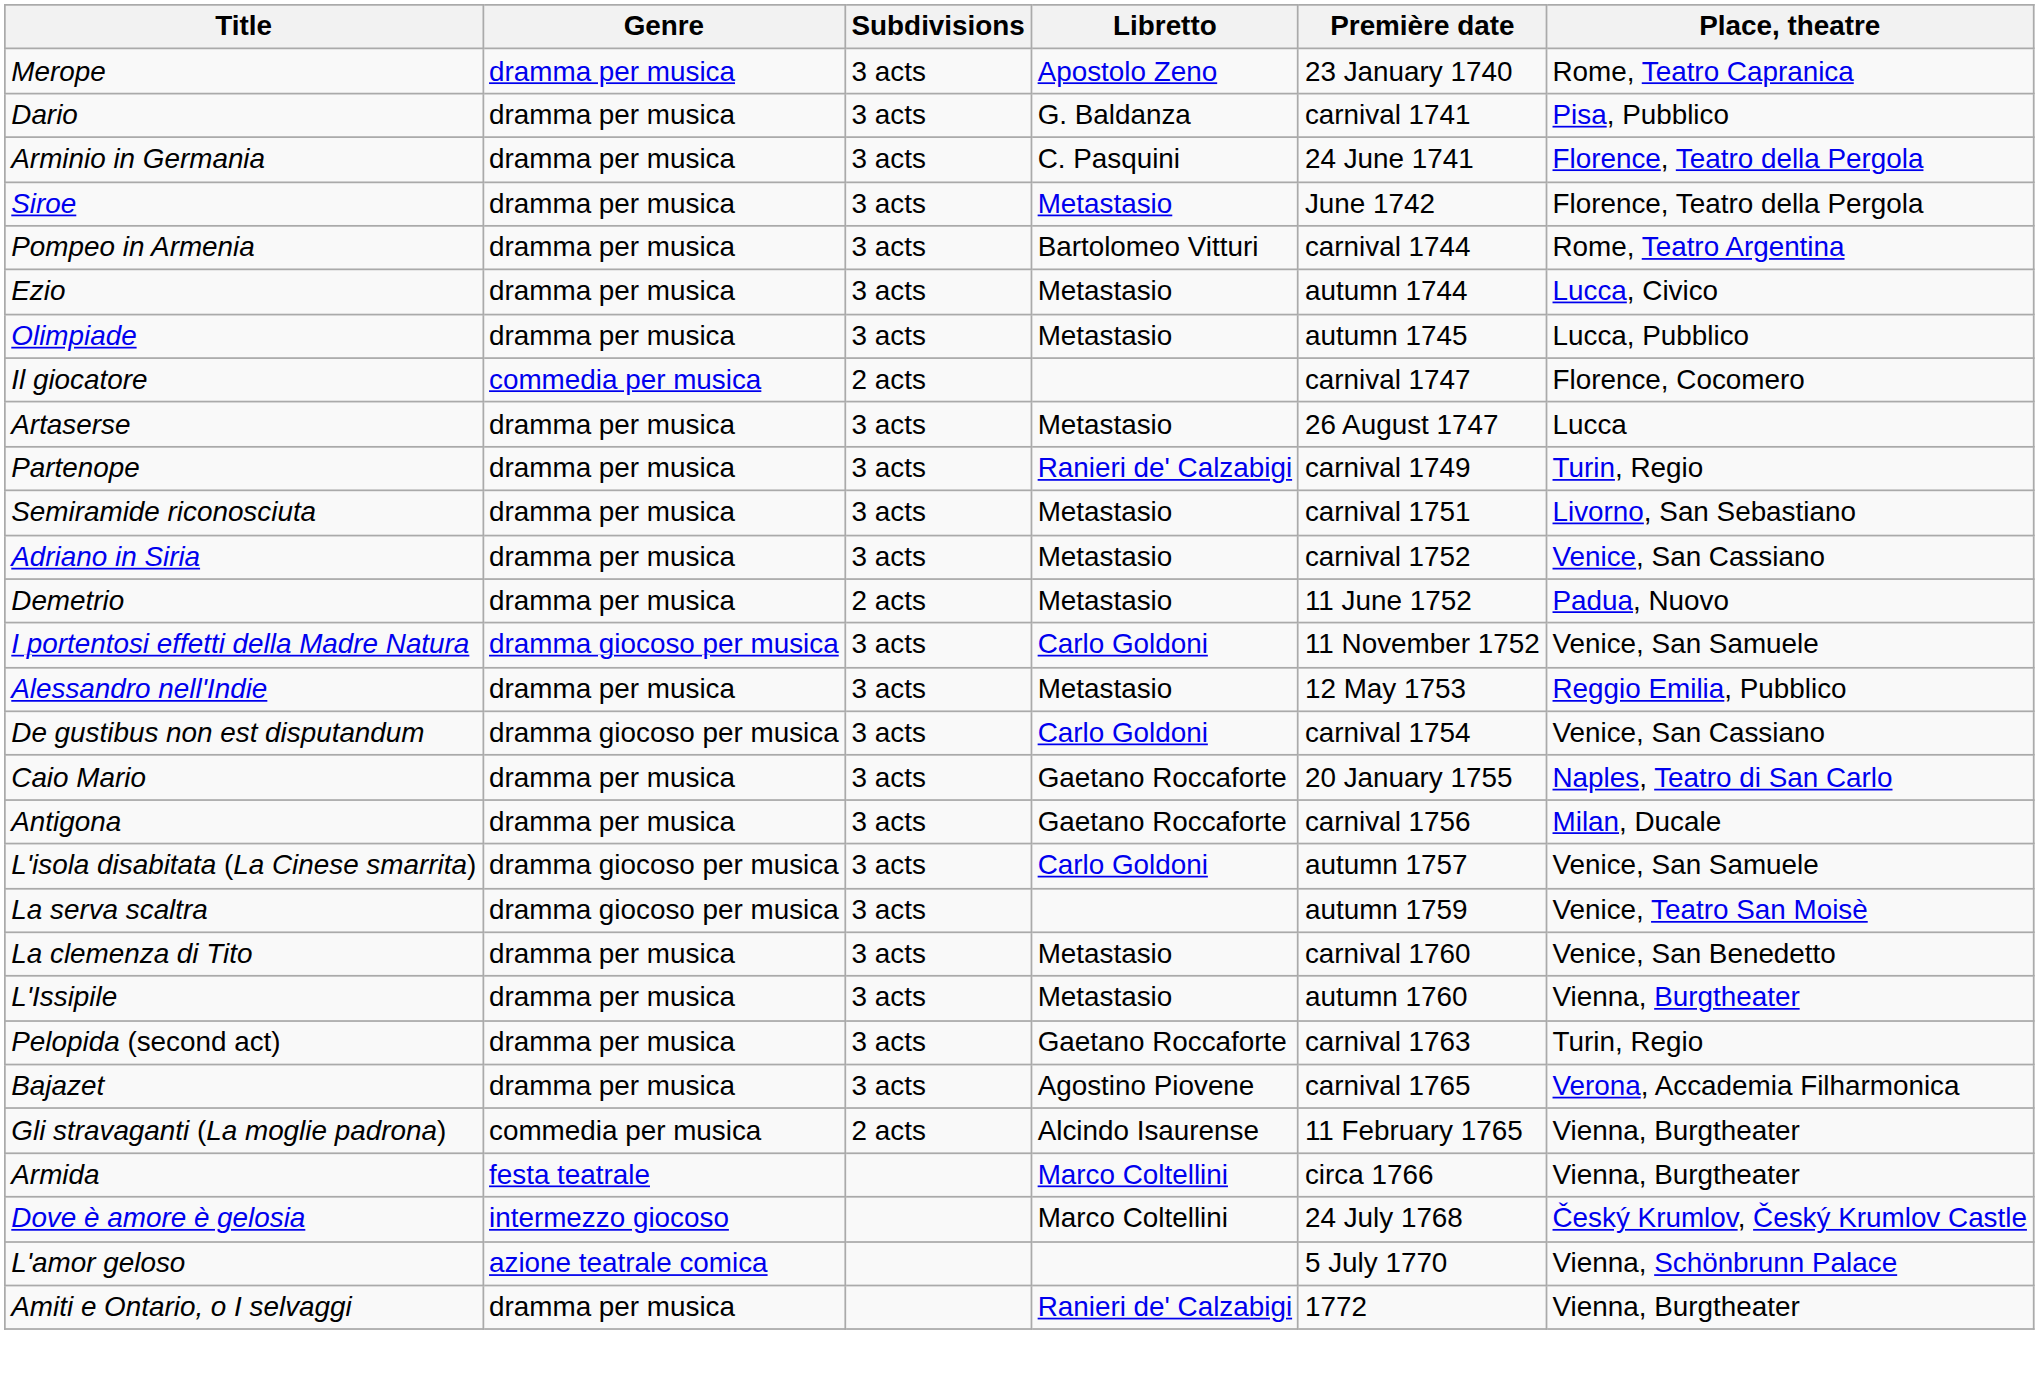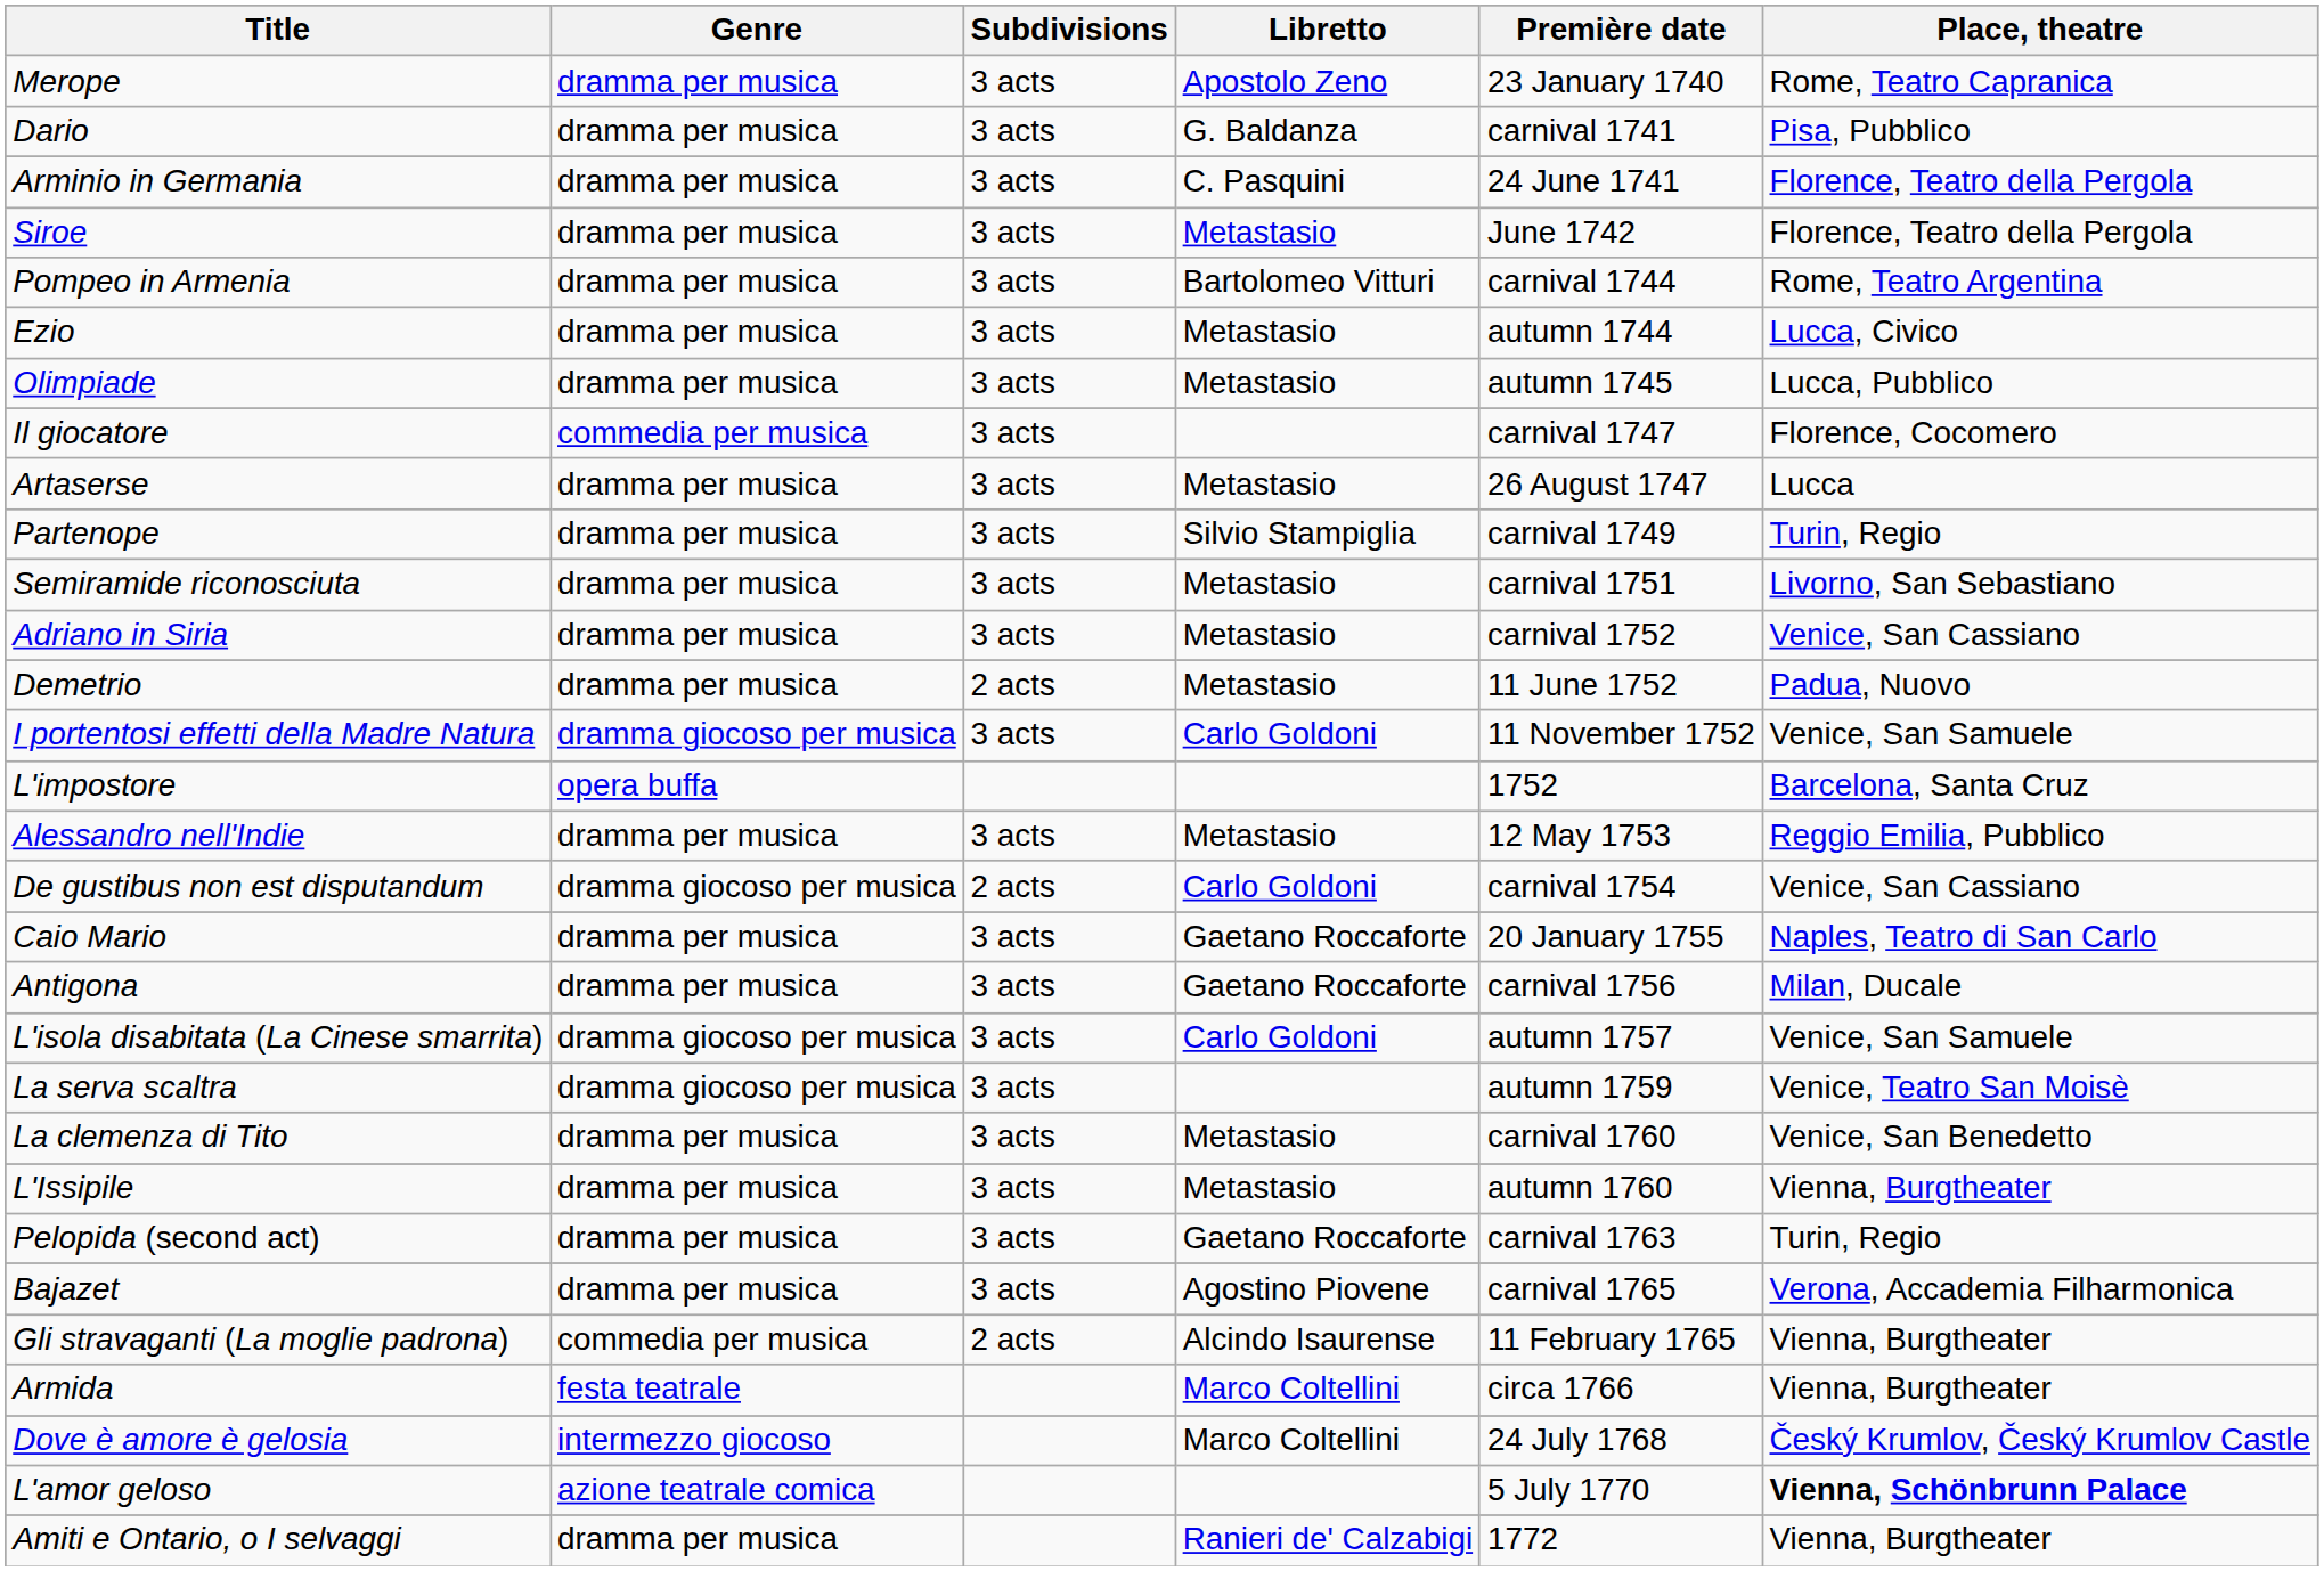 <table class="wikitable sortable">
 <tr>
 <th>Title</th>
 <th>Genre</th>
 <th>Sub­divisions</th>
 <th>Libretto</th>
 <th>Première date</th>
 <th>Place, theatre</th>
 </tr>
 <tr>
 <td><em>Merope</em></td>
 <td><a href='#'>dramma per musica</a></td>
 <td>3 acts</td>
 <td><a href='#'>Apostolo Zeno</a></td>
 <td>23 January 1740</td>
 <td>Rome, <a href='#'>Teatro Capranica</a></td>
 </tr>
 <tr>
 <td><em>Dario</em></td>
 <td>dramma per musica</td>
 <td>3 acts</td>
 <td>G. Baldanza</td>
 <td>carnival 1741</td>
 <td><a href='#'>Pisa</a>, Pubblico</td>
 </tr>
 <tr>
 <td><em>Arminio in Germania</em></td>
 <td>dramma per musica</td>
 <td>3 acts</td>
 <td>C. Pasquini</td>
 <td>24 June 1741</td>
 <td><a href='#'>Florence</a>, <a href='#'>Teatro della Pergola</a></td>
 </tr>
 <tr>
 <td><em><a href='#'>Siroe</a></em></td>
 <td>dramma per musica</td>
 <td>3 acts</td>
 <td><a href='#'>Metastasio</a></td>
 <td>June 1742</td>
 <td>Florence, Teatro della Pergola</td>
 </tr>
 <tr>
 <td><em>Pompeo in Armenia</em></td>
 <td>dramma per musica</td>
 <td>3 acts</td>
 <td>Bartolomeo Vitturi</td>
 <td>carnival 1744</td>
 <td>Rome, <a href='#'>Teatro Argentina</a></td>
 </tr>
 <tr>
 <td><em>Ezio</em></td>
 <td>dramma per musica</td>
 <td>3 acts</td>
 <td>Metastasio</td>
 <td>autumn 1744</td>
 <td><a href='#'>Lucca</a>, Civico</td>
 </tr>
 <tr>
 <td><em><a href='#'>Olimpiade</a></em></td>
 <td>dramma per musica</td>
 <td>3 acts</td>
 <td>Metastasio</td>
 <td>autumn 1745</td>
 <td>Lucca, Pubblico</td>
 </tr>
 <tr>
 <td> <em>Il giocatore</em></td>
 <td><a href='#'>commedia per musica</a></td>
-<td>2 acts</td>
+<td>3 acts</td>
 <td> </td>
 <td>carnival 1747</td>
 <td>Florence, Cocomero</td>
 </tr>
 <tr>
 <td><em>Artaserse</em></td>
 <td>dramma per musica</td>
 <td>3 acts</td>
 <td>Metastasio</td>
 <td>26 August 1747</td>
 <td>Lucca</td>
 </tr>
 <tr>
 <td><em>Partenope</em></td>
 <td>dramma per musica</td>
 <td>3 acts</td>
-<td><a href='#'>Ranieri de' Calzabigi</a></td>
+<td>Silvio Stampiglia</td>
 <td>carnival 1749</td>
 <td><a href='#'>Turin</a>, Regio</td>
 </tr>
 <tr>
 <td><em>Semiramide riconosciuta</em></td>
 <td>dramma per musica</td>
 <td>3 acts</td>
 <td>Metastasio</td>
 <td>carnival 1751</td>
 <td><a href='#'>Livorno</a>, San Sebastiano</td>
 </tr>
 <tr>
 <td><em><a href='#'>Adriano in Siria</a></em></td>
 <td>dramma per musica</td>
 <td>3 acts</td>
 <td>Metastasio</td>
 <td>carnival 1752</td>
 <td><a href='#'>Venice</a>, San Cassiano</td>
 </tr>
 <tr>
 <td><em>Demetrio</em></td>
 <td>dramma per musica</td>
 <td>2 acts</td>
 <td>Metastasio</td>
 <td>11 June 1752</td>
 <td><a href='#'>Padua</a>, Nuovo</td>
 </tr>
 <tr>
 <td> <em><a href='#'>I portentosi effetti della Madre Natura</a></em></td>
 <td><a href='#'>dramma giocoso per musica</a></td>
 <td>3 acts</td>
 <td><a href='#'>Carlo Goldoni</a></td>
 <td>11 November 1752</td>
 <td>Venice, San Samuele</td>
 </tr>
 <tr>
+<td> <em>L'impostore</em></td>
+<td><a href='#'>opera buffa</a></td>
+<td> </td>
+<td> </td>
+<td>1752</td>
+<td><a href='#'>Barcelona</a>, Santa Cruz</td>
+</tr>
+<tr>
 <td><em><a href='#'>Alessandro nell'Indie</a></em></td>
 <td>dramma per musica</td>
 <td>3 acts</td>
 <td>Metastasio</td>
 <td>12 May 1753</td>
 <td><a href='#'>Reggio Emilia</a>, Pubblico</td>
 </tr>
 <tr>
 <td><em>De gustibus non est disputandum</em></td>
 <td>dramma giocoso per musica</td>
-<td>3 acts</td>
+<td>2 acts</td>
 <td><a href='#'>Carlo Goldoni</a></td>
 <td>carnival 1754</td>
 <td>Venice, San Cassiano</td>
 </tr>
 <tr>
 <td><em>Caio Mario</em></td>
 <td>dramma per musica</td>
 <td>3 acts</td>
 <td>Gaetano Roccaforte</td>
 <td>20 January 1755</td>
 <td><a href='#'>Naples</a>, <a href='#'>Teatro di San Carlo</a></td>
 </tr>
 <tr>
 <td><em>Antigona</em></td>
 <td>dramma per musica</td>
 <td>3 acts</td>
 <td>Gaetano Roccaforte</td>
 <td>carnival 1756</td>
 <td><a href='#'>Milan</a>, Ducale</td>
 </tr>
 <tr>
 <td> <em>L'isola disabitata</em> (<em>La Cinese smarrita</em>)</td>
 <td>dramma giocoso per musica</td>
 <td>3 acts</td>
 <td><a href='#'>Carlo Goldoni</a></td>
 <td>autumn 1757</td>
 <td>Venice, San Samuele</td>
 </tr>
 <tr>
 <td> <em>La serva scaltra</em></td>
 <td>dramma giocoso per musica</td>
 <td>3 acts</td>
 <td> </td>
 <td>autumn 1759</td>
 <td>Venice, <a href='#'>Teatro San Moisè</a></td>
 </tr>
 <tr>
 <td> <em>La clemenza di Tito</em></td>
 <td>dramma per musica</td>
 <td>3 acts</td>
 <td>Metastasio</td>
 <td>carnival 1760</td>
 <td>Venice, San Benedetto</td>
 </tr>
 <tr>
 <td> <em>L'Issipile</em></td>
 <td>dramma per musica</td>
 <td>3 acts</td>
 <td>Metastasio</td>
 <td>autumn 1760</td>
 <td>Vienna, <a href='#'>Burgtheater</a></td>
 </tr>
 <tr>
 <td><em>Pelopida</em> (second act)</td>
 <td>dramma per musica</td>
 <td>3 acts</td>
 <td>Gaetano Roccaforte</td>
 <td>carnival 1763</td>
 <td>Turin, Regio</td>
 </tr>
 <tr>
 <td><em>Bajazet</em></td>
 <td>dramma per musica</td>
 <td>3 acts</td>
 <td>Agostino Piovene</td>
 <td>carnival 1765</td>
 <td><a href='#'>Verona</a>, Accademia Filharmonica</td>
 </tr>
 <tr>
 <td> <em>Gli stravaganti</em> (<em>La moglie padrona</em>)</td>
 <td>commedia per musica</td>
 <td>2 acts</td>
 <td>Alcindo Isaurense</td>
 <td>11 February 1765</td>
 <td>Vienna, Burgtheater</td>
 </tr>
 <tr>
 <td><em>Armida</em></td>
 <td><a href='#'>festa teatrale</a></td>
 <td> </td>
 <td><a href='#'>Marco Coltellini</a></td>
 <td>circa 1766</td>
 <td>Vienna, Burgtheater</td>
 </tr>
 <tr>
 <td><em><a href='#'>Dove è amore è gelosia</a></em></td>
 <td><a href='#'>intermezzo giocoso</a></td>
 <td> </td>
 <td>Marco Coltellini</td>
 <td>24 July 1768</td>
 <td><a href='#'>Český Krumlov</a>, <a href='#'>Český Krumlov Castle</a></td>
 </tr>
 <tr>
 <td> <em>L'amor geloso</em></td>
 <td><a href='#'>azione teatrale comica</a></td>
 <td> </td>
 <td> </td>
 <td>5 July 1770</td>
-<td>Vienna, <a href='#'>Schönbrunn Palace</a></td>
+<td><strong>Vienna, <a href='#'>Schönbrunn Palace</a></strong></td>
 </tr>
 <tr>
 <td><em>Amiti e Ontario, o I selvaggi</em></td>
 <td>dramma per musica</td>
 <td> </td>
 <td><a href='#'>Ranieri de' Calzabigi</a></td>
 <td>1772</td>
 <td>Vienna, Burgtheater</td>
 </tr>
 </table>
